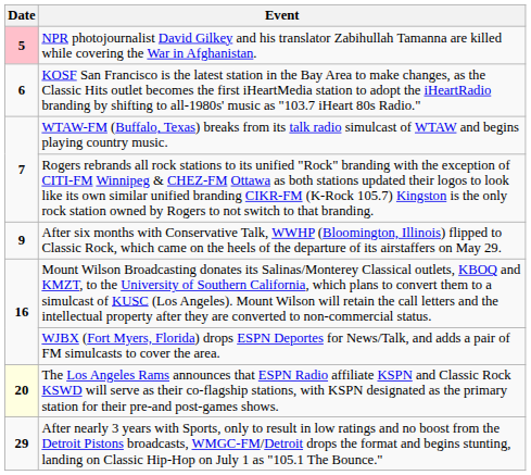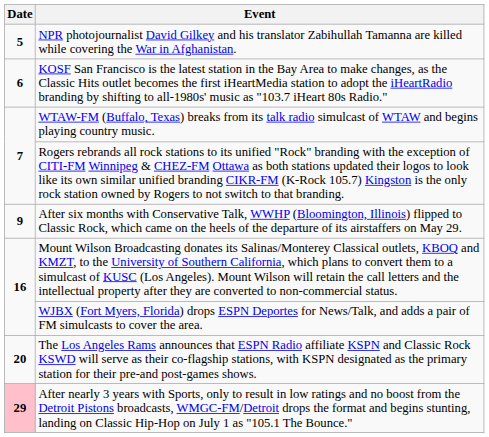 <table class=wikitable>
 <tr>
 <th>Date</th>
 <th>Event</th>
 </tr>
 <tr>
-<td style="background: pink; text-align:center;"><strong>5</strong></td>
+<td style="text-align:center;"><strong>5</strong></td>
 <td><a href='#'>NPR</a> photojournalist <a href='#'>David Gilkey</a> and his translator Zabihullah Tamanna are killed while covering the <a href='#'>War in Afghanistan</a>.</td>
 </tr>
 <tr>
 <td style="text-align:center;"><strong>6</strong></td>
 <td><a href='#'>KOSF</a> San Francisco is the latest station in the Bay Area to make changes, as the Classic Hits outlet becomes the first iHeartMedia station to adopt the <a href='#'>iHeartRadio</a> branding by shifting to all-1980s' music as "103.7 iHeart 80s Radio."</td>
 </tr>
 <tr>
 <td style="text-align:center;"  rowspan=2><strong>7</strong></td>
 <td><a href='#'>WTAW-FM</a> (<a href='#'>Buffalo, Texas</a>) breaks from its <a href='#'>talk radio</a> simulcast of <a href='#'>WTAW</a> and begins playing country music.</td>
 </tr>
 <tr>
 <td>Rogers rebrands all rock stations to its unified "Rock" branding with the exception of <a href='#'>CITI-FM</a> <a href='#'>Winnipeg</a> & <a href='#'>CHEZ-FM</a> <a href='#'>Ottawa</a> as both stations updated their logos to look like its own similar unified branding <a href='#'>CIKR-FM</a> (K-Rock 105.7) <a href='#'>Kingston</a> is the only rock station owned by Rogers to not switch to that branding.</td>
 </tr>
 <tr>
 <td style="text-align:center;"><strong>9</strong></td>
 <td>After six months with Conservative Talk, <a href='#'>WWHP</a> (<a href='#'>Bloomington, Illinois</a>) flipped to Classic Rock, which came on the heels of the departure of its airstaffers on May 29.</td>
 </tr>
 <tr>
 <td style="text-align:center;" rowspan=2><strong>16</strong></td>
 <td>Mount Wilson Broadcasting donates its Salinas/Monterey Classical outlets, <a href='#'>KBOQ</a> and <a href='#'>KMZT</a>, to the <a href='#'>University of Southern California</a>, which plans to convert them to a simulcast of <a href='#'>KUSC</a> (Los Angeles). Mount Wilson will retain the call letters and the intellectual property after they are converted to non-commercial status.</td>
 </tr>
 <tr>
 <td><a href='#'>WJBX</a> (<a href='#'>Fort Myers, Florida</a>) drops <a href='#'>ESPN Deportes</a> for News/Talk, and adds a pair of FM simulcasts to cover the area.</td>
 </tr>
 <tr>
-<td style="background: lightyellow; text-align:center;"><strong>20</strong></td>
+<td style="text-align:center;"><strong>20</strong></td>
 <td>The <a href='#'>Los Angeles Rams</a> announces that <a href='#'>ESPN Radio</a> affiliate <a href='#'>KSPN</a> and Classic Rock <a href='#'>KSWD</a> will serve as their co-flagship stations, with KSPN designated as the primary station for their pre-and post-games shows.</td>
 </tr>
 <tr>
-<td style="text-align:center;"><strong>29</strong></td>
+<td style="background: pink; text-align:center;"><strong>29</strong></td>
 <td>After nearly 3 years with Sports, only to result in low ratings and no boost from the <a href='#'>Detroit Pistons</a> broadcasts, <a href='#'>WMGC-FM</a>/<a href='#'>Detroit</a> drops the format and begins stunting, landing on Classic Hip-Hop on July 1 as "105.1 The Bounce."</td>
 </tr>
 </table>
